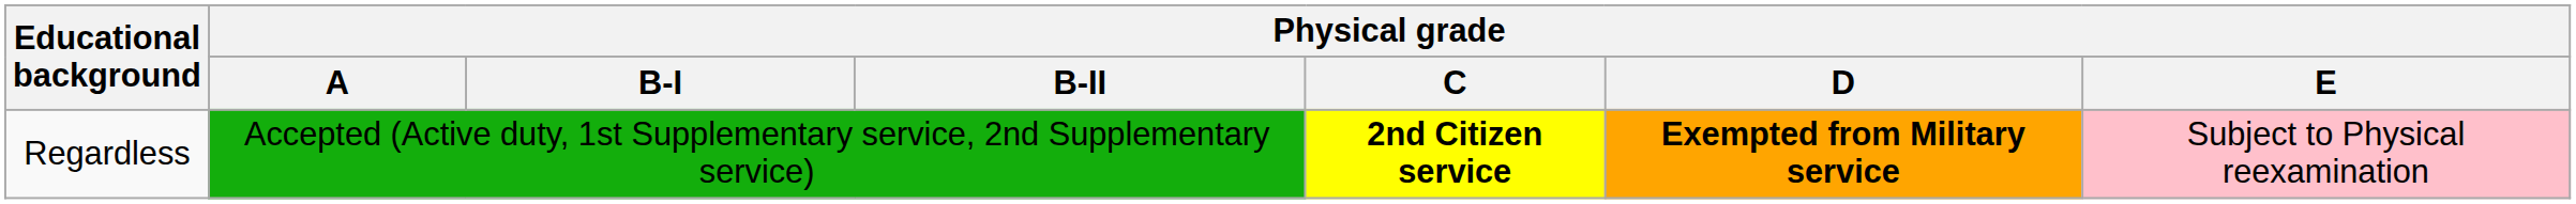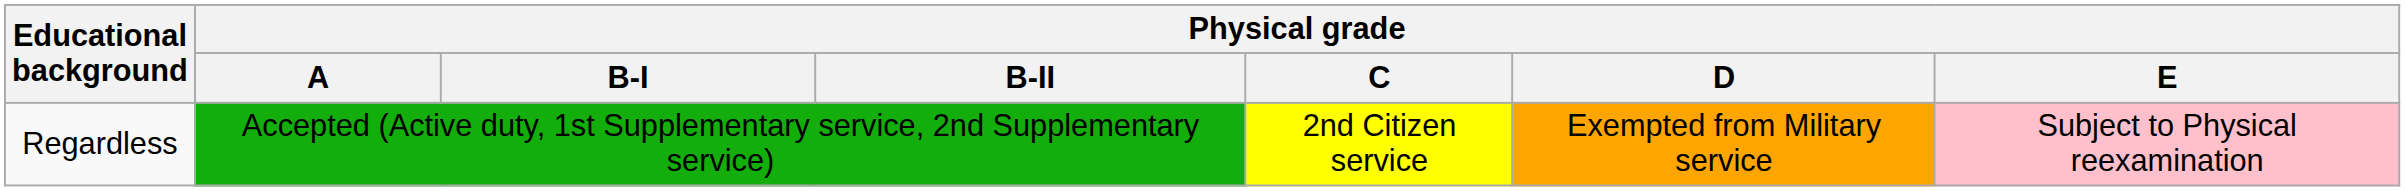 <table class="wikitable">
 <tr>
 <th rowspan="2">Educational<br>background</th>
 <th colspan="6">Physical grade</th>
 </tr>
 <tr>
 <th>A</th>
 <th>B-I</th>
 <th>B-II</th>
 <th>C</th>
 <th>D</th>
 <th>E</th>
 </tr>
 <tr>
 <td div style="text-align:center">Regardless</td>
 <td colspan="3" div style="background:#13ae0c; text-align:center;">Accepted (Active duty, 1st Supplementary service, 2nd Supplementary service)</td>
-<td div style="background:yellow; text-align:center;"><strong>2nd Citizen service</strong></td>
-<td div style="background:orange; text-align:center;"><strong>Exempted from Military service</strong></td>
+<td div style="background:yellow; text-align:center;">2nd Citizen service</td>
+<td div style="background:orange; text-align:center;">Exempted from Military service</td>
 <td div style="background:pink; text-align:center;">Subject to Physical reexamination</td>
 </tr>
 </table>
